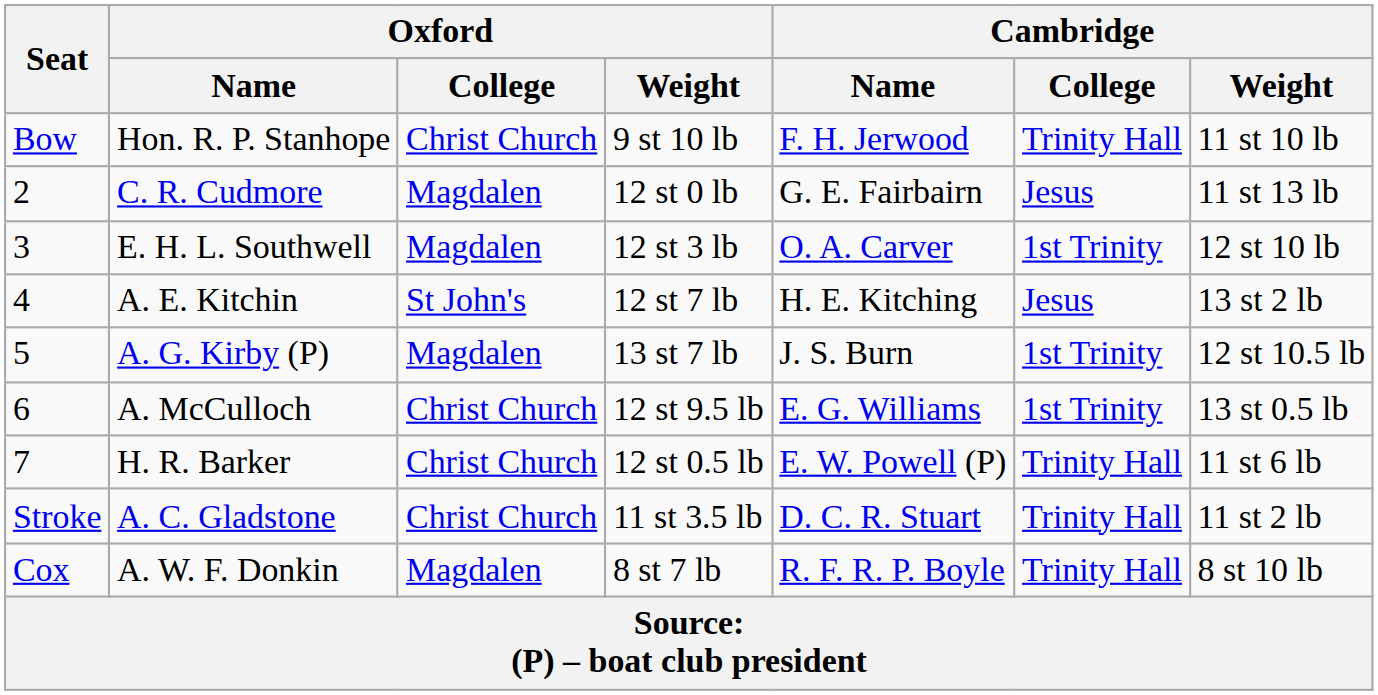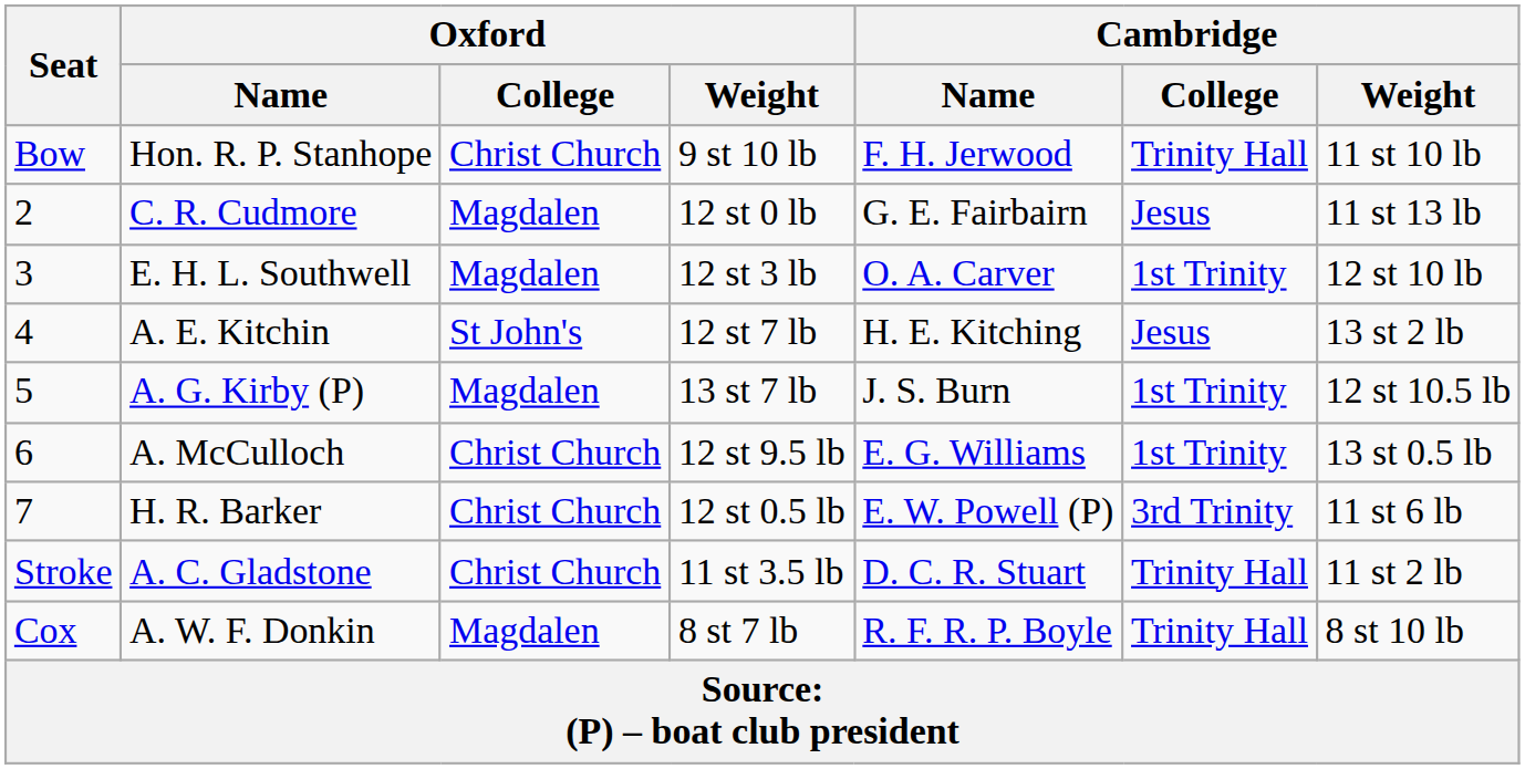 <table class="wikitable">
 <tr>
 <th rowspan="2" scope="col">Seat</th>
 <th colspan="3" scope="col">Oxford <br> </th>
 <th colspan="3" scope="col">Cambridge <br> </th>
 </tr>
 <tr>
 <th>Name</th>
 <th>College</th>
 <th>Weight</th>
 <th>Name</th>
 <th>College</th>
 <th>Weight</th>
 </tr>
 <tr>
 <td><a href='#'>Bow</a></td>
 <td>Hon. R. P. Stanhope</td>
 <td><a href='#'>Christ Church</a></td>
 <td>9 st 10 lb</td>
 <td><a href='#'>F. H. Jerwood</a></td>
 <td><a href='#'>Trinity Hall</a></td>
 <td>11 st 10 lb</td>
 </tr>
 <tr>
 <td>2</td>
 <td><a href='#'>C. R. Cudmore</a></td>
 <td><a href='#'>Magdalen</a></td>
 <td>12 st 0 lb</td>
 <td>G. E. Fairbairn</td>
 <td><a href='#'>Jesus</a></td>
 <td>11 st 13 lb</td>
 </tr>
 <tr>
 <td>3</td>
 <td>E. H. L. Southwell</td>
 <td><a href='#'>Magdalen</a></td>
 <td>12 st 3 lb</td>
 <td><a href='#'>O. A. Carver</a></td>
 <td><a href='#'>1st Trinity</a></td>
 <td>12 st 10 lb</td>
 </tr>
 <tr>
 <td>4</td>
 <td>A. E. Kitchin</td>
 <td><a href='#'>St John's</a></td>
 <td>12 st 7 lb</td>
 <td>H. E. Kitching</td>
 <td><a href='#'>Jesus</a></td>
 <td>13 st 2 lb</td>
 </tr>
 <tr>
 <td>5</td>
 <td><a href='#'>A. G. Kirby</a> (P)</td>
 <td><a href='#'>Magdalen</a></td>
 <td>13 st 7 lb</td>
 <td>J. S. Burn</td>
 <td><a href='#'>1st Trinity</a></td>
 <td>12 st 10.5 lb</td>
 </tr>
 <tr>
 <td>6</td>
 <td>A. McCulloch</td>
 <td><a href='#'>Christ Church</a></td>
 <td>12 st 9.5 lb</td>
 <td><a href='#'>E. G. Williams</a></td>
 <td><a href='#'>1st Trinity</a></td>
 <td>13 st 0.5 lb</td>
 </tr>
 <tr>
 <td>7</td>
 <td>H. R. Barker</td>
 <td><a href='#'>Christ Church</a></td>
 <td>12 st 0.5 lb</td>
 <td><a href='#'>E. W. Powell</a> (P)</td>
-<td><a href='#'>Trinity Hall</a></td>
+<td><a href='#'>3rd Trinity</a></td>
 <td>11 st 6 lb</td>
 </tr>
 <tr>
 <td><a href='#'>Stroke</a></td>
 <td><a href='#'>A. C. Gladstone</a></td>
 <td><a href='#'>Christ Church</a></td>
 <td>11 st 3.5 lb</td>
 <td><a href='#'>D. C. R. Stuart</a></td>
 <td><a href='#'>Trinity Hall</a></td>
 <td>11 st 2 lb</td>
 </tr>
 <tr>
 <td><a href='#'>Cox</a></td>
 <td>A. W. F. Donkin</td>
 <td><a href='#'>Magdalen</a></td>
 <td>8 st 7 lb</td>
 <td><a href='#'>R. F. R. P. Boyle</a></td>
 <td><a href='#'>Trinity Hall</a></td>
 <td>8 st 10 lb</td>
 </tr>
 <tr>
 <th colspan="7">Source:<br>(P) – boat club president</th>
 </tr>
 </table>
